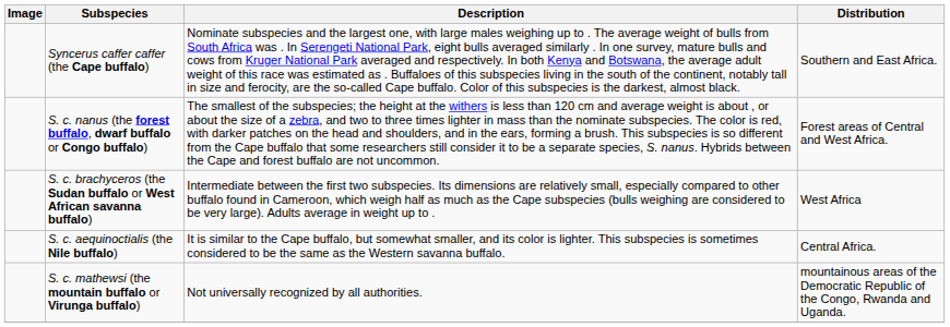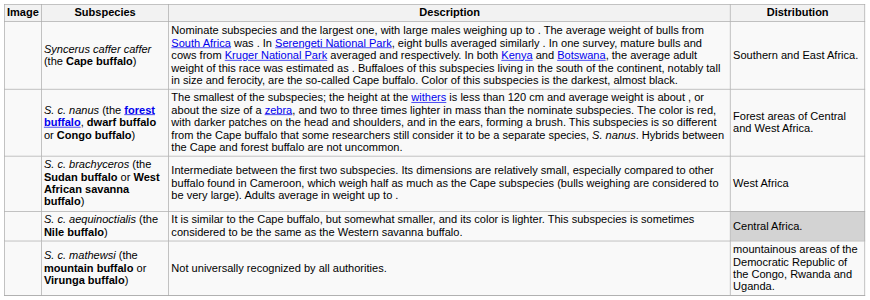 <table class="wikitable ">
 <tr>
 <th>Image</th>
 <th>Subspecies</th>
 <th>Description</th>
 <th>Distribution</th>
 </tr>
 <tr>
 <td></td>
 <td><em>Syncerus caffer caffer</em> (the <strong>Cape buffalo</strong>)</td>
 <td>Nominate subspecies and the largest one, with large males weighing up to . The average weight of bulls from <a href='#'>South Africa</a> was . In <a href='#'>Serengeti National Park</a>, eight bulls averaged similarly . In one survey, mature bulls and cows from <a href='#'>Kruger National Park</a> averaged  and  respectively.  In both <a href='#'>Kenya</a> and <a href='#'>Botswana</a>, the average adult weight of this race was estimated as .  Buffaloes of this subspecies living in the south of the continent, notably tall in size and ferocity, are the so-called Cape buffalo. Color of this subspecies is the darkest, almost black.</td>
 <td>Southern and East Africa.</td>
 </tr>
 <tr>
 <td></td>
 <td><em>S. c. nanus</em> (the <strong><a href='#'>forest buffalo</a></strong>, <strong>dwarf buffalo</strong> or <strong>Congo buffalo</strong>)</td>
 <td>The smallest of the subspecies; the height at the <a href='#'>withers</a> is less than 120 cm and average weight is about , or about the size of a <a href='#'>zebra</a>, and two to three times lighter in mass than the nominate subspecies. The color is red, with darker patches on the head and shoulders, and in the ears, forming a brush.  This subspecies is so different from the Cape buffalo that some researchers still consider it to be a separate species, <em>S.  nanus</em>. Hybrids between the Cape and forest buffalo are not uncommon.</td>
 <td>Forest areas of Central and West Africa.</td>
 </tr>
 <tr>
 <td></td>
 <td><em>S. c. brachyceros</em> (the <strong>Sudan buffalo</strong> or <strong>West African savanna buffalo</strong>)</td>
 <td>Intermediate between the first two subspecies.   Its dimensions are relatively small, especially compared to other buffalo found in Cameroon, which weigh half as much as the Cape subspecies (bulls weighing  are considered to be very large). Adults average in weight up to .</td>
 <td>West Africa</td>
 </tr>
 <tr>
 <td></td>
 <td><em>S. c.  aequinoctialis</em> (the <strong>Nile buffalo</strong>)</td>
 <td>It is similar to the Cape buffalo, but somewhat smaller, and its color is lighter. This subspecies is sometimes considered to be the same as the Western savanna buffalo.</td>
-<td>Central Africa.</td>
+<td style="background: lightgrey;">Central Africa.</td>
 </tr>
 <tr>
 <td></td>
 <td><em>S. c. mathewsi</em> (the <strong>mountain buffalo</strong> or <strong>Virunga buffalo</strong>)</td>
 <td>Not universally recognized by all authorities.</td>
 <td>mountainous areas of the Democratic Republic of the Congo, Rwanda and Uganda.</td>
 </tr>
 <tr>
 </tr>
 </table>
